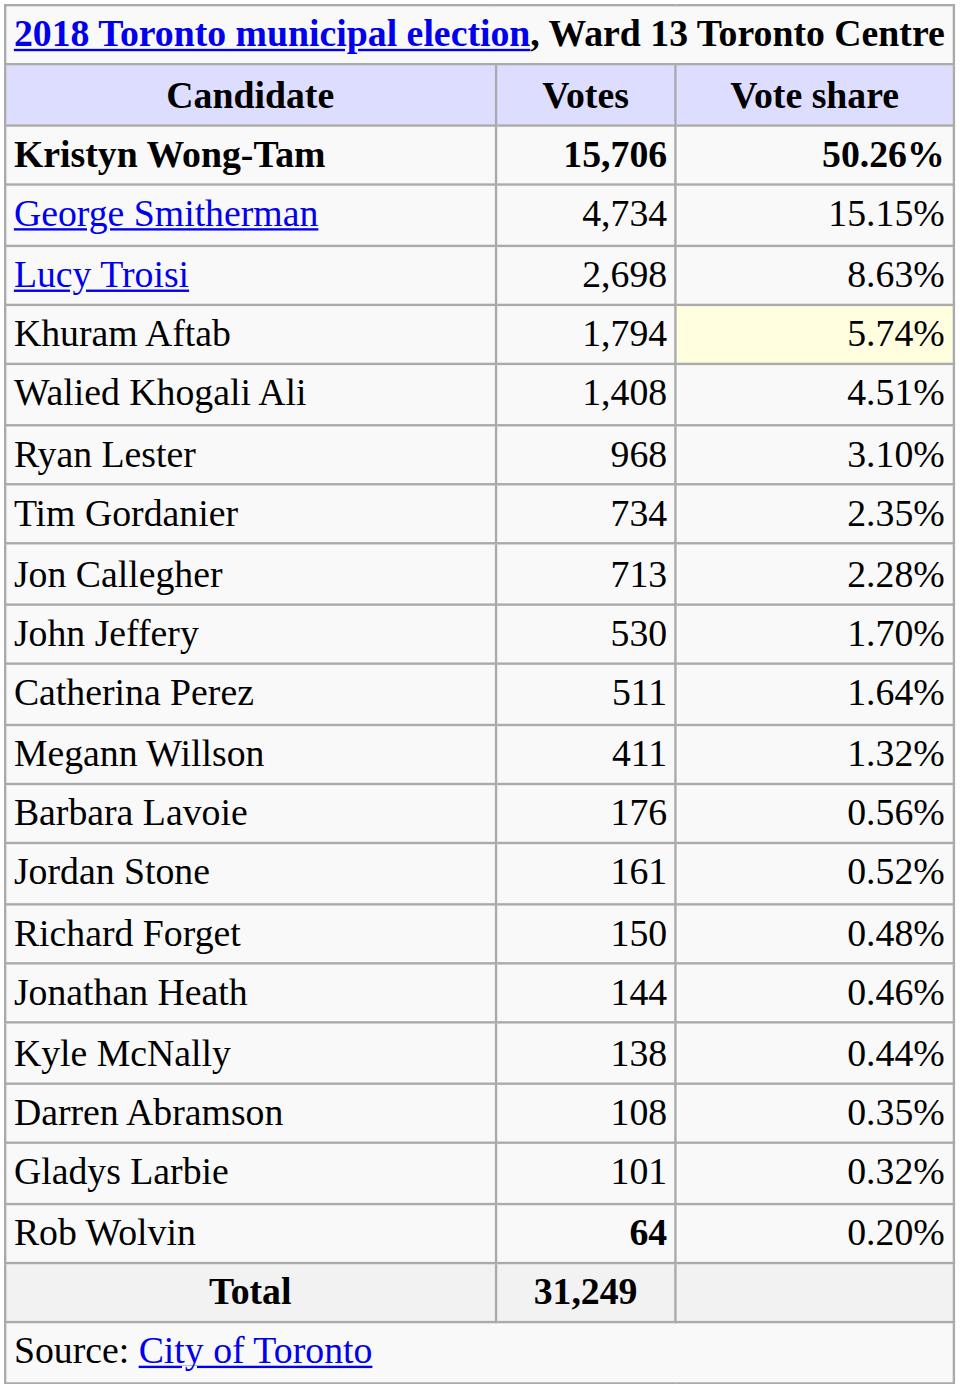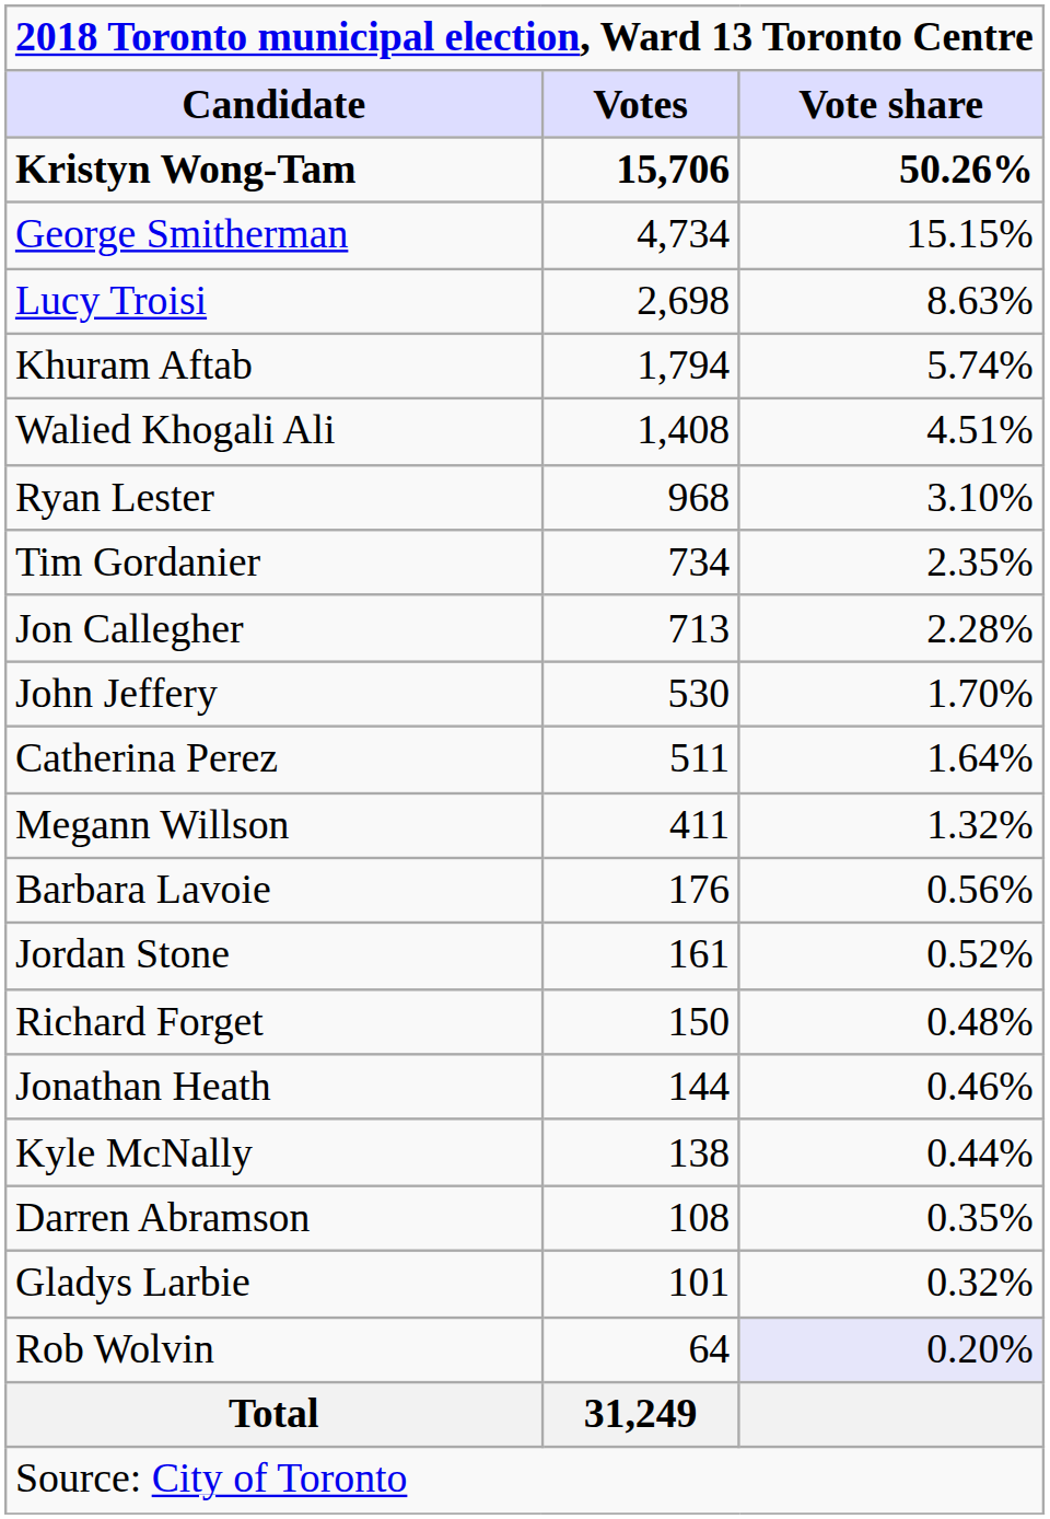 <table class="wikitable plainrowheaders">
 <tr>
 <td colspan="3"><strong><a href='#'>2018 Toronto municipal election</a>, Ward 13 Toronto Centre</strong></td>
 </tr>
 <tr>
 <th scope="col" style="background:#ddf;">Candidate</th>
 <th scope="col" style="background:#ddf;">Votes</th>
 <th scope="col" style="background:#ddf;">Vote share</th>
 </tr>
 <tr>
 <td scope="row"><strong>Kristyn Wong-Tam</strong></td>
 <td align="right"><strong>15,706</strong></td>
 <td align="right"><strong>50.26%</strong></td>
 </tr>
 <tr>
 <td scope="row"><a href='#'>George Smitherman</a></td>
 <td align="right">4,734</td>
 <td align="right">15.15%</td>
 </tr>
 <tr>
 <td scope="row"><a href='#'>Lucy Troisi</a></td>
 <td align="right">2,698</td>
 <td align="right">8.63%</td>
 </tr>
 <tr>
 <td scope="row">Khuram Aftab</td>
 <td align="right">1,794</td>
-<td align="right" style="background: lightyellow;">5.74%</td>
+<td align="right">5.74%</td>
 </tr>
 <tr>
 <td scope="row">Walied Khogali Ali</td>
 <td align="right">1,408</td>
 <td align="right">4.51%</td>
 </tr>
 <tr>
 <td>Ryan Lester</td>
 <td align="right">968</td>
 <td align="right">3.10%</td>
 </tr>
 <tr>
 <td>Tim Gordanier</td>
 <td align="right">734</td>
 <td align="right">2.35%</td>
 </tr>
 <tr>
 <td>Jon Callegher</td>
 <td align="right">713</td>
 <td align="right">2.28%</td>
 </tr>
 <tr>
 <td>John Jeffery</td>
 <td align="right">530</td>
 <td align="right">1.70%</td>
 </tr>
 <tr>
 <td>Catherina Perez</td>
 <td align="right">511</td>
 <td align="right">1.64%</td>
 </tr>
 <tr>
 <td>Megann Willson</td>
 <td align="right">411</td>
 <td align="right">1.32%</td>
 </tr>
 <tr>
 <td scope="row">Barbara Lavoie</td>
 <td align="right">176</td>
 <td align="right">0.56%</td>
 </tr>
 <tr>
 <td>Jordan Stone</td>
 <td align="right">161</td>
 <td align="right">0.52%</td>
 </tr>
 <tr>
 <td>Richard Forget</td>
 <td align="right">150</td>
 <td align="right">0.48%</td>
 </tr>
 <tr>
 <td>Jonathan Heath</td>
 <td align="right">144</td>
 <td align="right">0.46%</td>
 </tr>
 <tr>
 <td>Kyle McNally</td>
 <td align="right">138</td>
 <td align="right">0.44%</td>
 </tr>
 <tr>
 <td>Darren Abramson</td>
 <td align="right">108</td>
 <td align="right">0.35%</td>
 </tr>
 <tr>
 <td>Gladys Larbie</td>
 <td align="right">101</td>
 <td align="right">0.32%</td>
 </tr>
 <tr>
 <td>Rob Wolvin</td>
-<td align="right"><strong>64</strong></td>
-<td align="right">0.20%</td>
+<td align="right">64</td>
+<td align="right" style="background: lavender;">0.20%</td>
 </tr>
 <tr>
 <th scope="row"><strong>Total</strong></th>
 <th align="right">31,249</th>
 <th align="right"></th>
 </tr>
 <tr>
 <td colspan="3">Source: <a href='#'>City of Toronto</a></td>
 </tr>
 </table>
